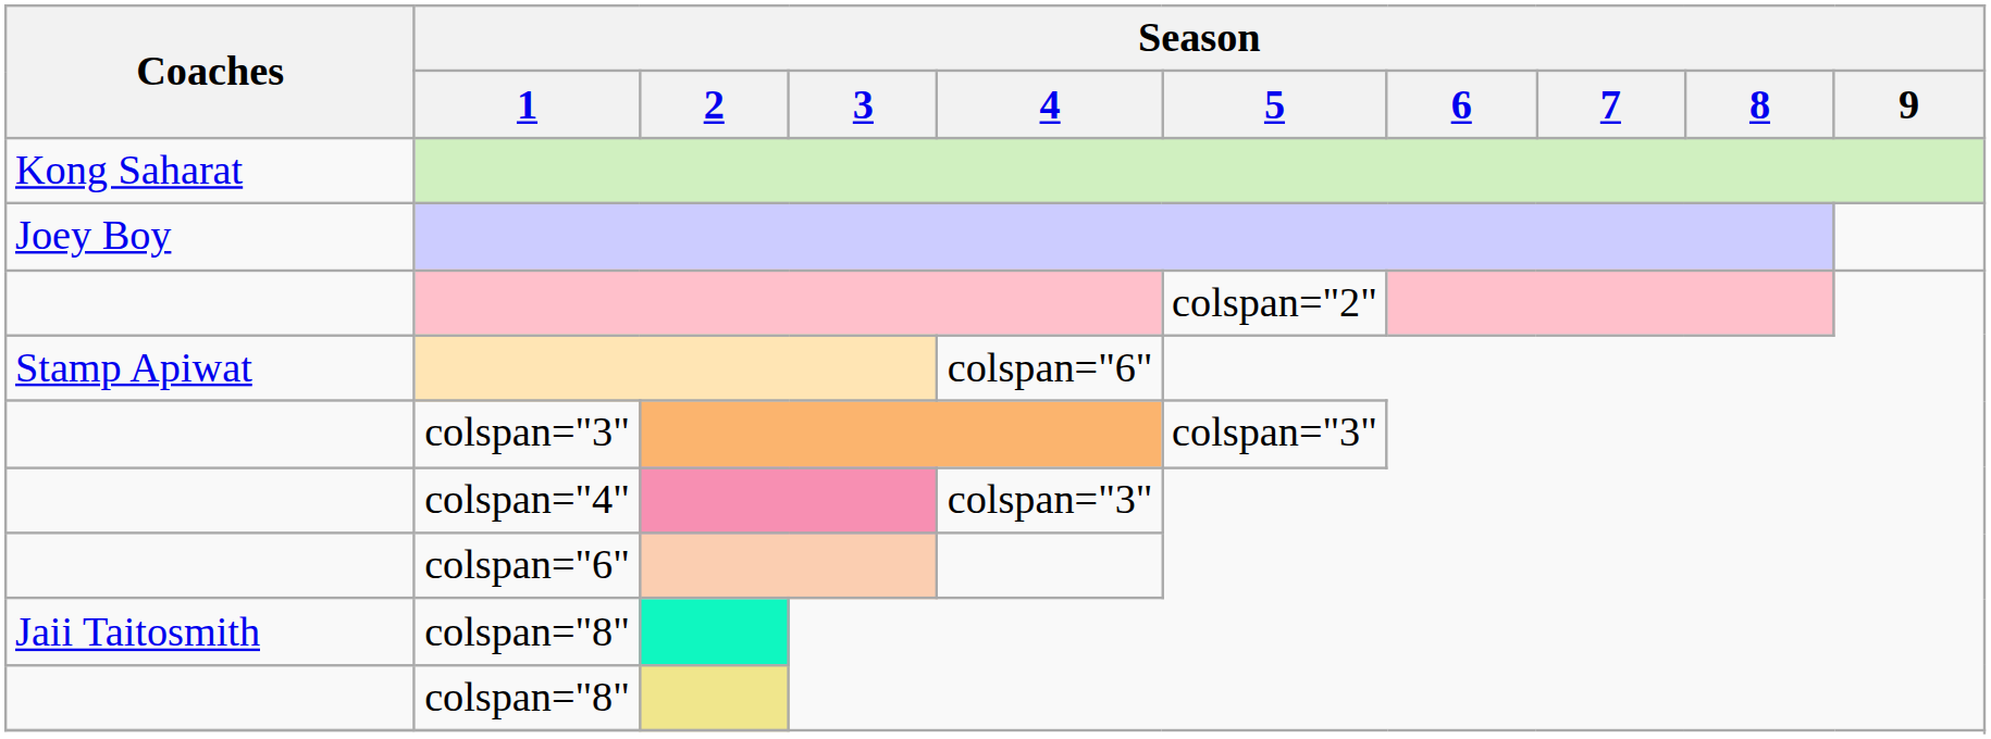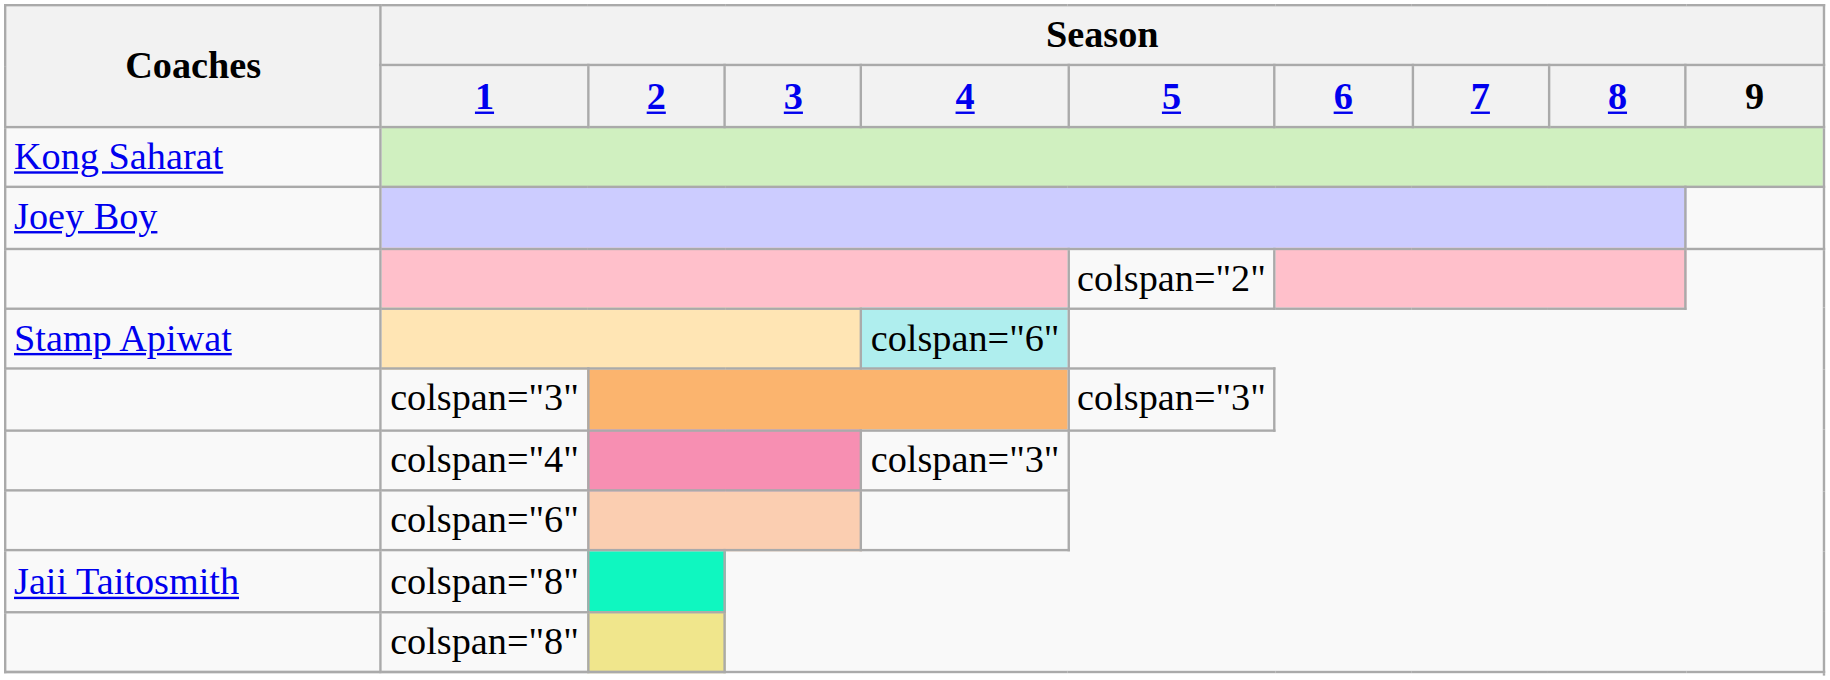 <table class="wikitable" width:"80%">
 <tr>
 <th rowspan="2" width="150">Coaches</th>
 <th colspan="9" style="text-align:center">Season</th>
 </tr>
 <tr>
 <th width="50"><a href='#'>1</a></th>
 <th width="50"><a href='#'>2</a></th>
 <th width="50"><a href='#'>3</a></th>
 <th width="50"><a href='#'>4</a></th>
 <th width="50"><a href='#'>5</a></th>
 <th width="50"><a href='#'>6</a></th>
 <th width="50"><a href='#'>7</a></th>
 <th width="50"><a href='#'>8</a></th>
 <th width="50">9</th>
 </tr>
 <tr>
 <td><a href='#'>Kong Saharat</a></td>
 <td colspan="9" style="background:#d0f0c0"></td>
 </tr>
 <tr>
 <td><a href='#'>Joey Boy</a></td>
 <td colspan="8" style="background:#ccccff"></td>
 <td></td>
 </tr>
 <tr>
 <td></td>
 <td colspan="4" style="background: pink"></td>
 <td>colspan="2" </td>
 <td colspan="3" style="background: pink"></td>
 </tr>
 <tr>
 <td><a href='#'>Stamp Apiwat</a></td>
 <td colspan="3" style="background:#ffe5b4"></td>
-<td>colspan="6" </td>
+<td style="background: paleturquoise;">colspan="6" </td>
 </tr>
 <tr>
 <td></td>
 <td>colspan="3" </td>
 <td colspan="3" style="background:#fbb46e"></td>
 <td>colspan="3" </td>
 </tr>
 <tr>
 <td></td>
 <td>colspan="4" </td>
 <td colspan="2" style="background:#f78fb2"></td>
 <td>colspan="3" </td>
 </tr>
 <tr>
 <td></td>
 <td>colspan="6" </td>
 <td colspan="2" style="background:#fbceb1"></td>
 <td></td>
 </tr>
 <tr>
 <td><a href='#'>Jaii Taitosmith</a></td>
 <td>colspan="8" </td>
 <td colspan="1" style="background:#0ff7c0"></td>
 </tr>
 <tr>
 <td></td>
 <td>colspan="8" </td>
 <td colspan="1" style="background:khaki"></td>
 </tr>
 <tr>
 </tr>
 </table>
